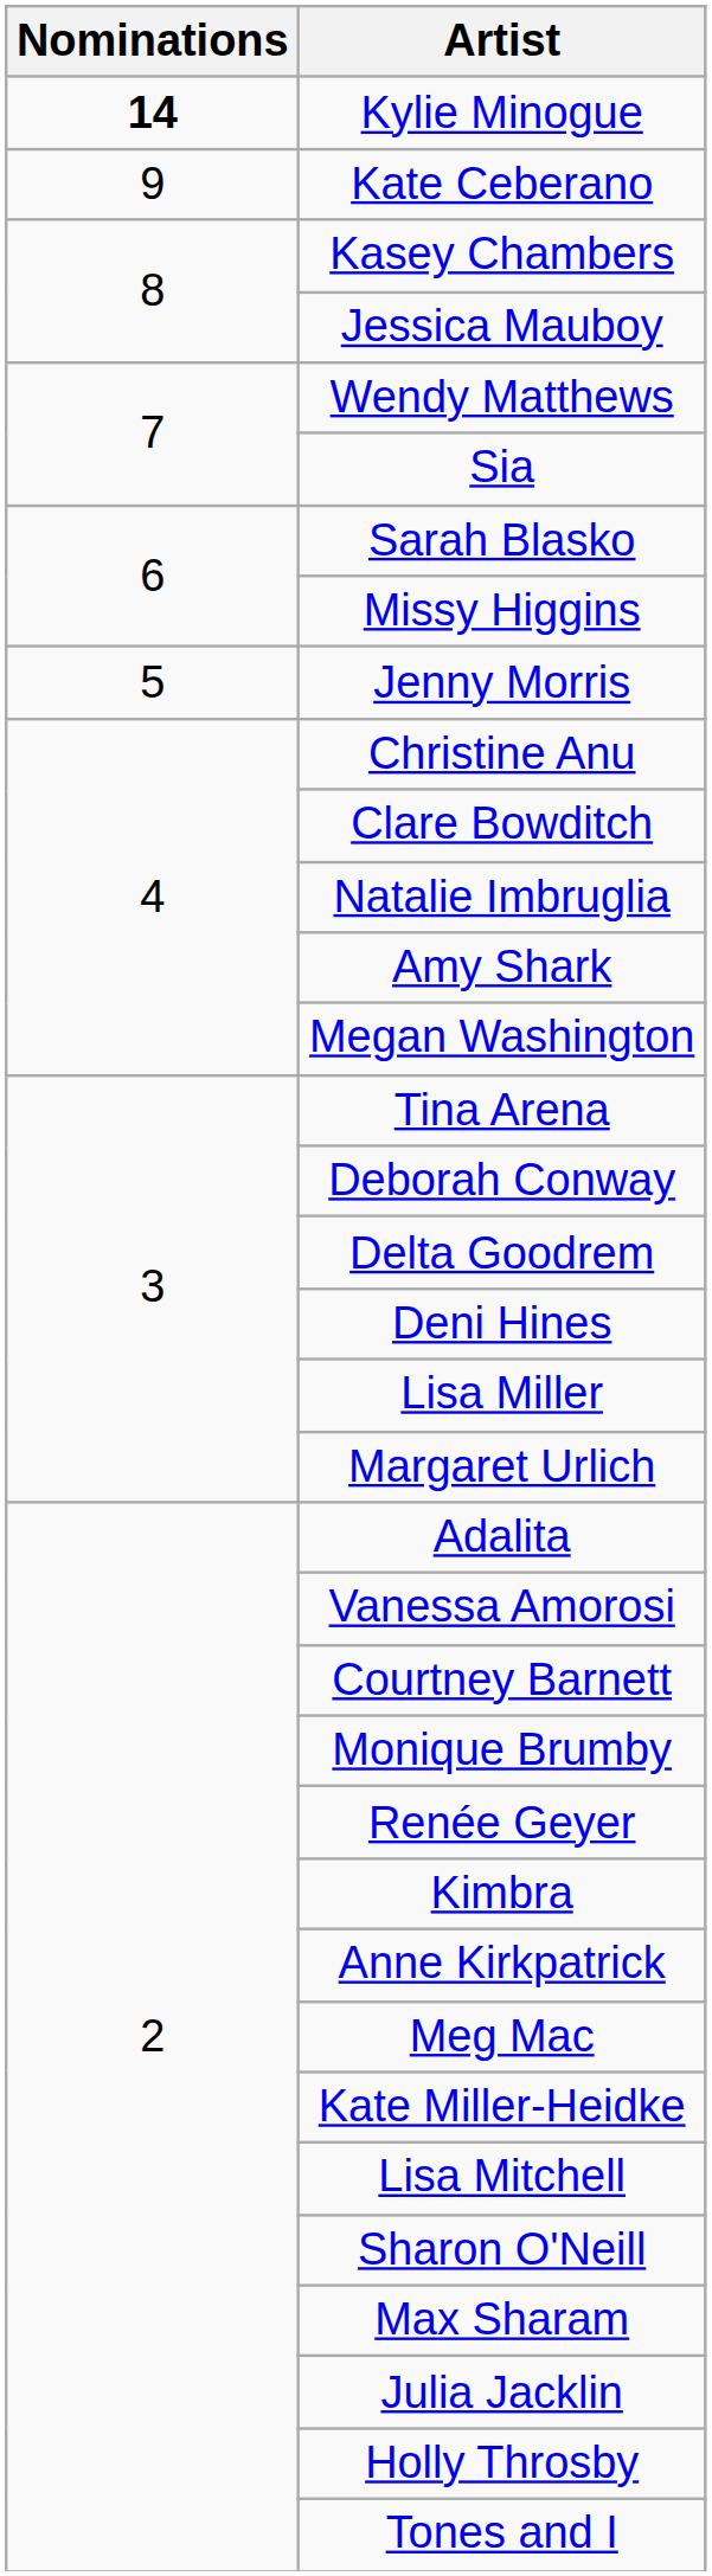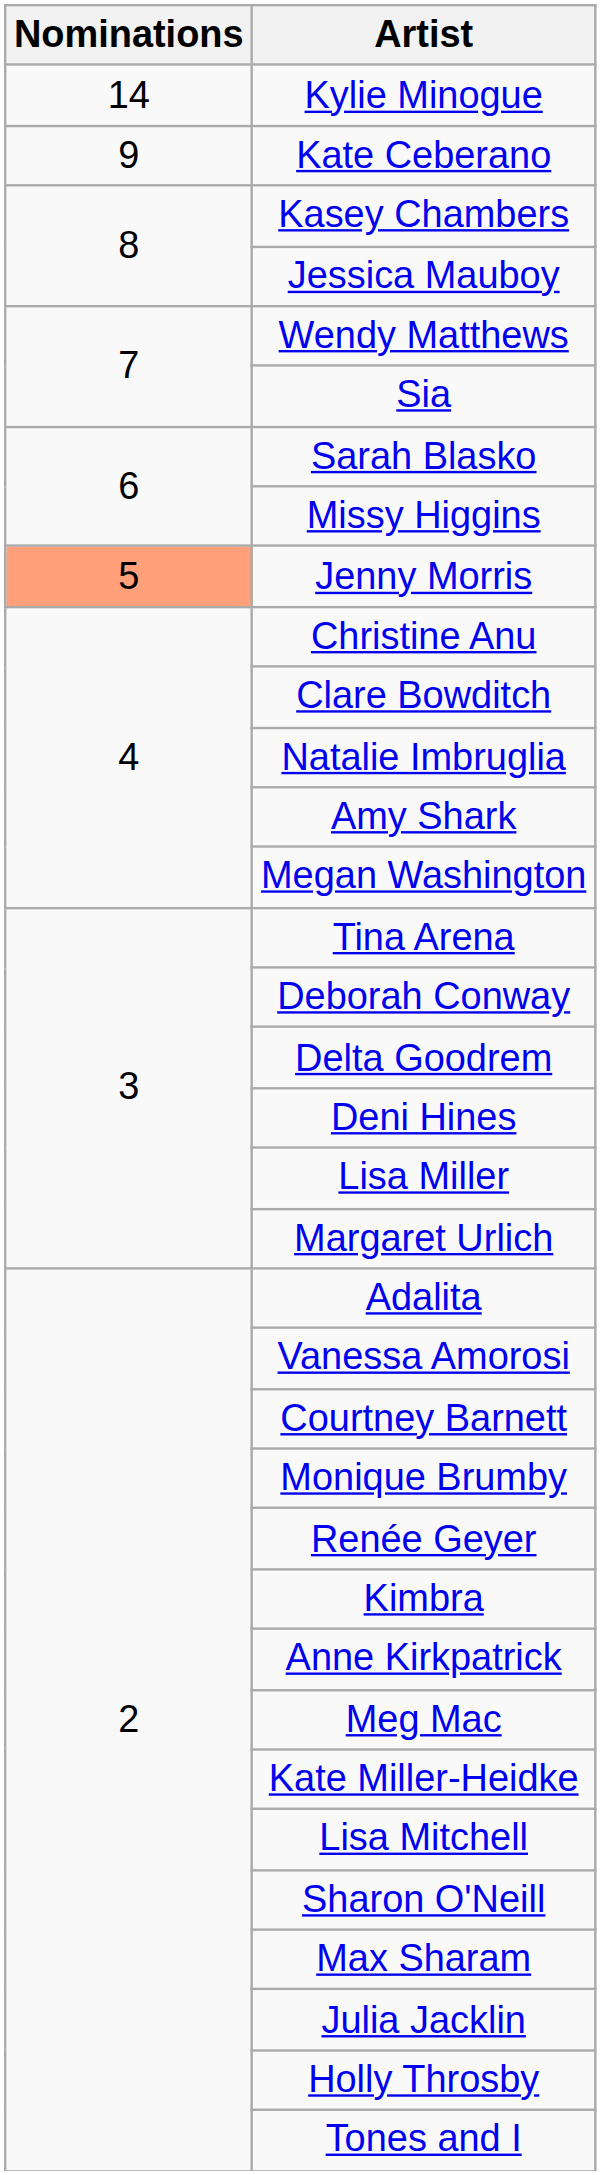 <table class="wikitable" style="text-align: center">
 <tr>
 <th scope="col" width="55">Nominations</th>
 <th scope="col" align="center">Artist</th>
 </tr>
 <tr>
-<td style="text-align:center"><strong>14</strong></td>
+<td style="text-align:center">14</td>
 <td><a href='#'>Kylie Minogue</a></td>
 </tr>
 <tr>
 <td style="text-align:center">9</td>
 <td><a href='#'>Kate Ceberano</a></td>
 </tr>
 <tr>
 <td rowspan=2 style="text-align:center">8</td>
 <td><a href='#'>Kasey Chambers</a></td>
 </tr>
 <tr>
 <td><a href='#'>Jessica Mauboy</a></td>
 </tr>
 <tr>
 <td rowspan=2 style="text-align:center">7</td>
 <td><a href='#'>Wendy Matthews</a></td>
 </tr>
 <tr>
 <td><a href='#'>Sia</a></td>
 </tr>
 <tr>
 <td rowspan=2 style="text-align:center">6</td>
 <td><a href='#'>Sarah Blasko</a></td>
 </tr>
 <tr>
 <td><a href='#'>Missy Higgins</a></td>
 </tr>
 <tr>
-<td rowspan=1 style="text-align:center">5</td>
+<td rowspan=1 style="background: lightsalmon; text-align:center">5</td>
 <td><a href='#'>Jenny Morris</a></td>
 </tr>
 <tr>
 <td rowspan=5 style="text-align:center">4</td>
 <td><a href='#'>Christine Anu</a></td>
 </tr>
 <tr>
 <td><a href='#'>Clare Bowditch</a></td>
 </tr>
 <tr>
 <td><a href='#'>Natalie Imbruglia</a></td>
 </tr>
 <tr>
 <td><a href='#'>Amy Shark</a></td>
 </tr>
 <tr>
 <td><a href='#'>Megan Washington</a></td>
 </tr>
 <tr>
 <td rowspan=6 style="text-align:center">3</td>
 <td><a href='#'>Tina Arena</a></td>
 </tr>
 <tr>
 <td><a href='#'>Deborah Conway</a></td>
 </tr>
 <tr>
 <td><a href='#'>Delta Goodrem</a></td>
 </tr>
 <tr>
 <td><a href='#'>Deni Hines</a></td>
 </tr>
 <tr>
 <td><a href='#'>Lisa Miller</a></td>
 </tr>
 <tr>
 <td><a href='#'>Margaret Urlich</a></td>
 </tr>
 <tr>
 <td rowspan=15 style="text-align:center">2</td>
 <td><a href='#'>Adalita</a></td>
 </tr>
 <tr>
 <td><a href='#'>Vanessa Amorosi</a></td>
 </tr>
 <tr>
 <td><a href='#'>Courtney Barnett</a></td>
 </tr>
 <tr>
 <td><a href='#'>Monique Brumby</a></td>
 </tr>
 <tr>
 <td><a href='#'>Renée Geyer</a></td>
 </tr>
 <tr>
 <td><a href='#'>Kimbra</a></td>
 </tr>
 <tr>
 <td><a href='#'>Anne Kirkpatrick</a></td>
 </tr>
 <tr>
 <td><a href='#'>Meg Mac</a></td>
 </tr>
 <tr>
 <td><a href='#'>Kate Miller-Heidke</a></td>
 </tr>
 <tr>
 <td><a href='#'>Lisa Mitchell</a></td>
 </tr>
 <tr>
 <td><a href='#'>Sharon O'Neill</a></td>
 </tr>
 <tr>
 <td><a href='#'>Max Sharam</a></td>
 </tr>
 <tr>
 <td><a href='#'>Julia Jacklin</a></td>
 </tr>
 <tr>
 <td><a href='#'>Holly Throsby</a></td>
 </tr>
 <tr>
 <td><a href='#'>Tones and I</a></td>
 </tr>
 </table>
